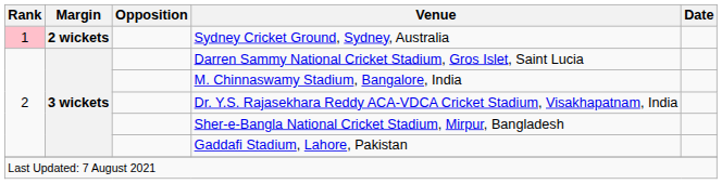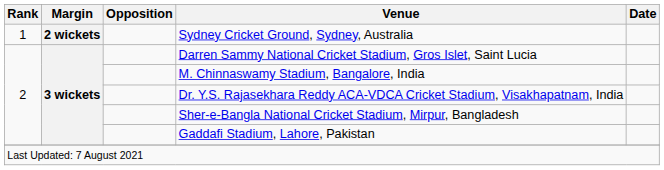 <table class="wikitable plainrowheaders sortable">
 <tr>
 <th scope=col>Rank</th>
 <th scope=col>Margin</th>
 <th scope=col>Opposition</th>
 <th scope=col>Venue</th>
 <th scope=col>Date</th>
 </tr>
 <tr>
-<td align=center style="background: pink;">1</td>
+<td align=center>1</td>
 <th scope=row style=text-align:center>2 wickets</th>
 <td></td>
 <td><a href='#'>Sydney Cricket Ground</a>, <a href='#'>Sydney</a>, Australia</td>
 <td></td>
 </tr>
 <tr>
 <td align=center rowspan=5>2</td>
 <th scope=row style=text-align:center rowspan=5>3 wickets</th>
 <td></td>
 <td><a href='#'>Darren Sammy National Cricket Stadium</a>, <a href='#'>Gros Islet</a>, Saint Lucia</td>
 <td> </td>
 </tr>
 <tr>
 <td></td>
 <td><a href='#'>M. Chinnaswamy Stadium</a>, <a href='#'>Bangalore</a>, India</td>
 <td> </td>
 </tr>
 <tr>
 <td></td>
 <td><a href='#'>Dr. Y.S. Rajasekhara Reddy ACA-VDCA Cricket Stadium</a>, <a href='#'>Visakhapatnam</a>, India</td>
 <td>  </td>
 </tr>
 <tr>
 <td></td>
 <td><a href='#'>Sher-e-Bangla National Cricket Stadium</a>, <a href='#'>Mirpur</a>, Bangladesh</td>
 <td></td>
 </tr>
 <tr>
 <td></td>
 <td><a href='#'>Gaddafi Stadium</a>, <a href='#'>Lahore</a>, Pakistan</td>
 <td></td>
 </tr>
 <tr>
 </tr>
 <tr class=sortbottom>
 <td colspan=6><small>Last Updated: 7 August 2021</small></td>
 </tr>
 </table>
